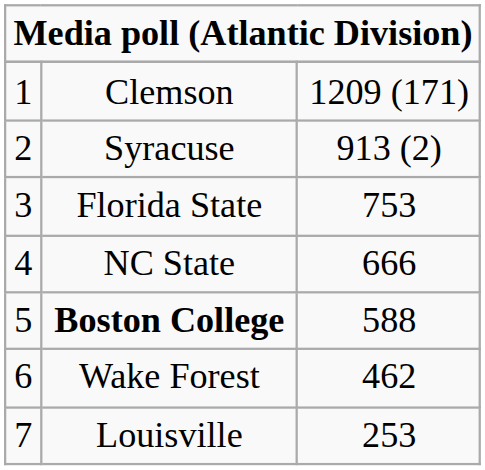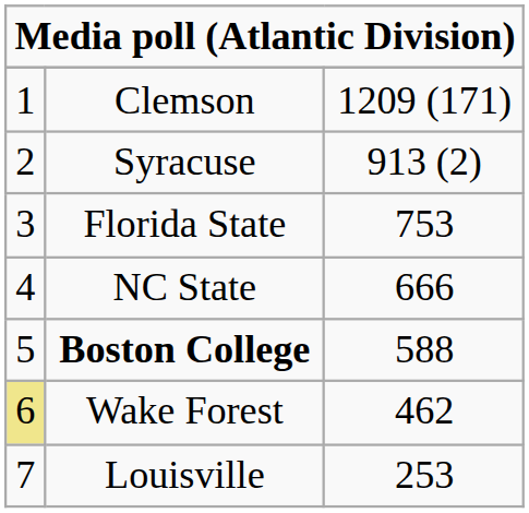 <table class="wikitable" style="display: inline-table;">
 <tr>
 <td align="center" Colspan="3"><strong>Media poll (Atlantic Division)</strong></td>
 </tr>
 <tr align="center">
 </tr>
 <tr align="center">
 <td>1</td>
 <td>Clemson</td>
 <td>1209 (171)</td>
 </tr>
 <tr align="center">
 <td>2</td>
 <td>Syracuse</td>
 <td>913 (2)</td>
 </tr>
 <tr align="center">
 <td>3</td>
 <td>Florida State</td>
 <td>753</td>
 </tr>
 <tr align="center">
 <td>4</td>
 <td>NC State</td>
 <td>666</td>
 </tr>
 <tr align="center">
 <td>5</td>
 <td><strong>Boston College</strong></td>
 <td>588</td>
 </tr>
 <tr align="center">
-<td>6</td>
+<td style="background: khaki;">6</td>
 <td>Wake Forest</td>
 <td>462</td>
 </tr>
 <tr align="center">
 <td>7</td>
 <td>Louisville</td>
 <td>253</td>
 </tr>
 </table>
